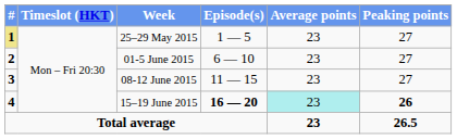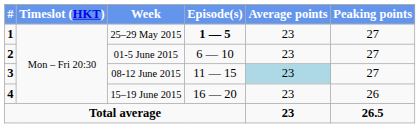 <table class="wikitable" style="text-align:center;">
 <tr style="background:cornflowerblue; color:white">
 </tr>
 <tr>
 <th style="background:cornflowerblue; color:white">#</th>
 <th style="background:cornflowerblue; color:white">Timeslot (<a href='#'>HKT</a>)</th>
 <th style="background:cornflowerblue; color:white">Week</th>
 <th style="background:cornflowerblue; color:white">Episode(s)</th>
 <th style="background:cornflowerblue; color:white">Average points</th>
 <th style="background:cornflowerblue; color:white">Peaking points</th>
 </tr>
 <tr>
-<td style="background: khaki;"><strong>1</strong></td>
+<td><strong>1</strong></td>
 <td rowspan="4"><small>Mon – Fri 20:30</small></td>
 <td><small>25–29 May 2015</small></td>
-<td>1 — 5</td>
+<td><strong>1 — 5</strong></td>
 <td>23</td>
 <td>27</td>
 </tr>
 <tr>
 <td><strong>2</strong></td>
 <td><small>01-5 June 2015</small></td>
 <td>6 — 10</td>
 <td>23</td>
 <td>27</td>
 </tr>
 <tr>
 <td><strong>3</strong></td>
 <td><small>08-12 June 2015</small></td>
 <td>11 — 15</td>
-<td>23</td>
+<td style="background: lightblue;">23</td>
 <td>27</td>
 </tr>
 <tr>
 <td><strong>4</strong></td>
 <td><small>15–19 June 2015</small></td>
-<td><strong>16 — 20</strong></td>
-<td style="background: paleturquoise;">23</td>
-<td><strong>26</strong></td>
+<td>16 — 20</td>
+<td>23</td>
+<td>26</td>
 </tr>
 <tr>
 <td colspan="4"><strong>Total average</strong></td>
 <td><strong>23</strong></td>
 <td><strong>26.5</strong></td>
 </tr>
 </table>
